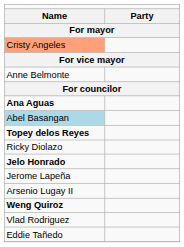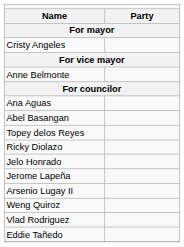 <table class=wikitable style="font-size:90%">
 <tr>
 <td colspan=4 bgcolor=></td>
 </tr>
 <tr>
 <th width=150px>Name</th>
 <th colspan=2 width=110px>Party</th>
 </tr>
 <tr>
 <th colspan=3>For mayor</th>
 </tr>
 <tr>
-<td style="background: lightsalmon;">Cristy Angeles</td>
+<td>Cristy Angeles</td>
 <td></td>
 </tr>
 <tr>
 <th colspan=3>For vice mayor</th>
 </tr>
 <tr>
 <td>Anne Belmonte</td>
 <td></td>
 </tr>
 <tr>
 <th colspan=3>For councilor</th>
 </tr>
 <tr>
-<td><strong>Ana Aguas</strong></td>
+<td>Ana Aguas</td>
 <td></td>
 </tr>
 <tr>
-<td style="background: lightblue;">Abel Basangan</td>
+<td>Abel Basangan</td>
 <td></td>
 </tr>
 <tr>
-<td><strong>Topey delos Reyes</strong></td>
+<td>Topey delos Reyes</td>
 <td></td>
 </tr>
 <tr>
 <td>Ricky Diolazo</td>
 <td></td>
 </tr>
 <tr>
-<td><strong>Jelo Honrado</strong></td>
+<td>Jelo Honrado</td>
 <td></td>
 </tr>
 <tr>
 <td>Jerome Lapeña</td>
 <td></td>
 </tr>
 <tr>
 <td>Arsenio Lugay II</td>
 <td></td>
 </tr>
 <tr>
-<td><strong>Weng Quiroz</strong></td>
+<td>Weng Quiroz</td>
 <td></td>
 </tr>
 <tr>
 <td>Vlad Rodriguez</td>
 <td></td>
 </tr>
 <tr>
 <td>Eddie Tañedo</td>
 <td></td>
 </tr>
 <tr>
 </tr>
 </table>
